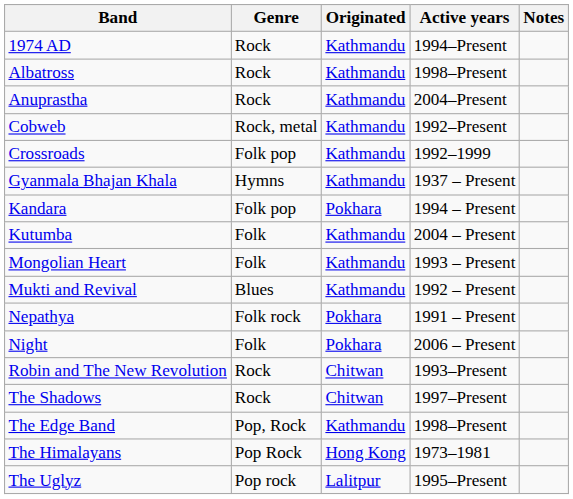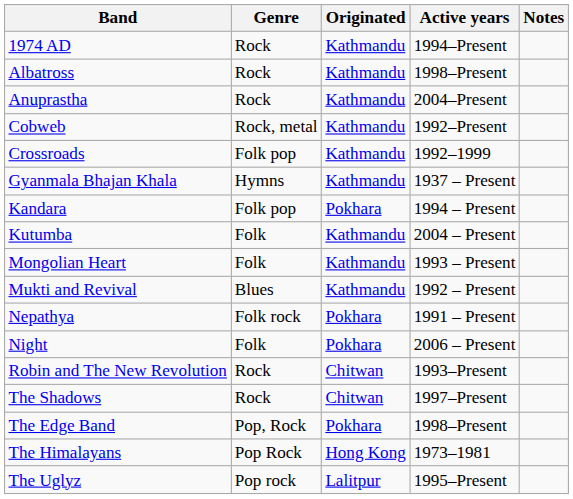 <table class="wikitable sortable" style="text-！align:center;">
 <tr>
 <th>Band</th>
 <th>Genre</th>
 <th>Originated</th>
 <th>Active years</th>
 <th>Notes</th>
 </tr>
 <tr>
 <td><a href='#'>1974 AD</a></td>
 <td>Rock</td>
 <td><a href='#'>Kathmandu</a></td>
 <td>1994–Present</td>
 <td></td>
 </tr>
 <tr>
 <td><a href='#'>Albatross</a></td>
 <td>Rock</td>
 <td><a href='#'>Kathmandu</a></td>
 <td>1998–Present</td>
 <td></td>
 </tr>
 <tr>
 <td><a href='#'>Anuprastha</a></td>
 <td>Rock</td>
 <td><a href='#'>Kathmandu</a></td>
 <td>2004–Present</td>
 <td></td>
 </tr>
 <tr>
 <td><a href='#'>Cobweb</a></td>
 <td>Rock, metal</td>
 <td><a href='#'>Kathmandu</a></td>
 <td>1992–Present</td>
 <td></td>
 </tr>
 <tr>
 <td><a href='#'>Crossroads</a></td>
 <td>Folk pop</td>
 <td><a href='#'>Kathmandu</a></td>
 <td>1992–1999</td>
 <td></td>
 </tr>
 <tr>
 <td><a href='#'>Gyanmala Bhajan Khala</a></td>
 <td>Hymns</td>
 <td><a href='#'>Kathmandu</a></td>
 <td>1937 – Present</td>
 <td></td>
 </tr>
 <tr>
 <td><a href='#'>Kandara</a></td>
 <td>Folk pop</td>
 <td><a href='#'>Pokhara</a></td>
 <td>1994 – Present</td>
 <td></td>
 </tr>
 <tr>
 <td><a href='#'>Kutumba</a></td>
 <td>Folk</td>
 <td><a href='#'>Kathmandu</a></td>
 <td>2004 – Present</td>
 <td></td>
 </tr>
 <tr>
 <td><a href='#'>Mongolian Heart</a></td>
 <td>Folk</td>
 <td><a href='#'>Kathmandu</a></td>
 <td>1993 – Present</td>
 <td></td>
 </tr>
 <tr>
 <td><a href='#'>Mukti and Revival</a></td>
 <td>Blues</td>
 <td><a href='#'>Kathmandu</a></td>
 <td>1992 – Present</td>
 <td></td>
 </tr>
 <tr>
 <td><a href='#'>Nepathya</a></td>
 <td>Folk rock</td>
 <td><a href='#'>Pokhara</a></td>
 <td>1991 – Present</td>
 <td></td>
 </tr>
 <tr>
 <td><a href='#'>Night</a></td>
 <td>Folk</td>
 <td><a href='#'>Pokhara</a></td>
 <td>2006 – Present</td>
 <td></td>
 </tr>
 <tr>
 <td><a href='#'>Robin and The New Revolution</a></td>
 <td>Rock</td>
 <td><a href='#'>Chitwan</a></td>
 <td>1993–Present</td>
 <td></td>
 </tr>
 <tr>
 <td><a href='#'>The Shadows</a></td>
 <td>Rock</td>
 <td><a href='#'>Chitwan</a></td>
 <td>1997–Present</td>
 <td></td>
 </tr>
 <tr>
 <td><a href='#'>The Edge Band</a></td>
 <td>Pop, Rock</td>
-<td><a href='#'>Kathmandu</a></td>
+<td><a href='#'>Pokhara</a></td>
 <td>1998–Present</td>
 <td></td>
 </tr>
 <tr>
 <td><a href='#'>The Himalayans</a></td>
 <td>Pop Rock</td>
 <td><a href='#'>Hong Kong</a></td>
 <td>1973–1981</td>
 <td></td>
 </tr>
 <tr>
 <td><a href='#'>The Uglyz</a></td>
 <td>Pop rock</td>
 <td><a href='#'>Lalitpur</a></td>
 <td>1995–Present</td>
 <td></td>
 </tr>
 </table>
